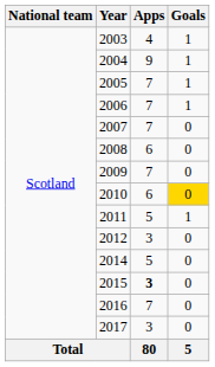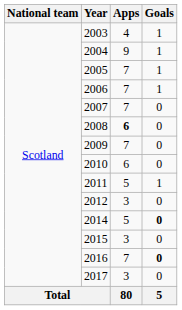 <table class="wikitable" style="text-align:center">
 <tr>
 <th>National team</th>
 <th>Year</th>
 <th>Apps</th>
 <th>Goals</th>
 </tr>
 <tr>
 <td rowspan="14"><a href='#'>Scotland</a></td>
 <td>2003</td>
 <td>4</td>
 <td>1</td>
 </tr>
 <tr>
 <td>2004</td>
 <td>9</td>
 <td>1</td>
 </tr>
 <tr>
 <td>2005</td>
 <td>7</td>
 <td>1</td>
 </tr>
 <tr>
 <td>2006</td>
 <td>7</td>
 <td>1</td>
 </tr>
 <tr>
 <td>2007</td>
 <td>7</td>
 <td>0</td>
 </tr>
 <tr>
 <td>2008</td>
-<td>6</td>
+<td><strong>6</strong></td>
 <td>0</td>
 </tr>
 <tr>
 <td>2009</td>
 <td>7</td>
 <td>0</td>
 </tr>
 <tr>
 <td>2010</td>
 <td>6</td>
-<td style="background: gold;">0</td>
+<td>0</td>
 </tr>
 <tr>
 <td>2011</td>
 <td>5</td>
 <td>1</td>
 </tr>
 <tr>
 <td>2012</td>
 <td>3</td>
 <td>0</td>
 </tr>
 <tr>
 <td>2014</td>
 <td>5</td>
-<td>0</td>
+<td><strong>0</strong></td>
 </tr>
 <tr>
 <td>2015</td>
-<td><strong>3</strong></td>
+<td>3</td>
 <td>0</td>
 </tr>
 <tr>
 <td>2016</td>
 <td>7</td>
-<td>0</td>
+<td><strong>0</strong></td>
 </tr>
 <tr>
 <td>2017</td>
 <td>3</td>
 <td>0</td>
 </tr>
 <tr>
 <th colspan="2">Total</th>
 <th>80</th>
 <th>5</th>
 </tr>
 </table>
